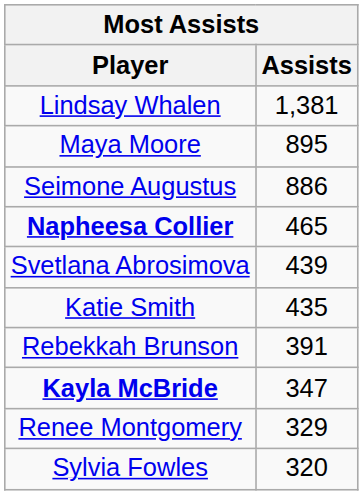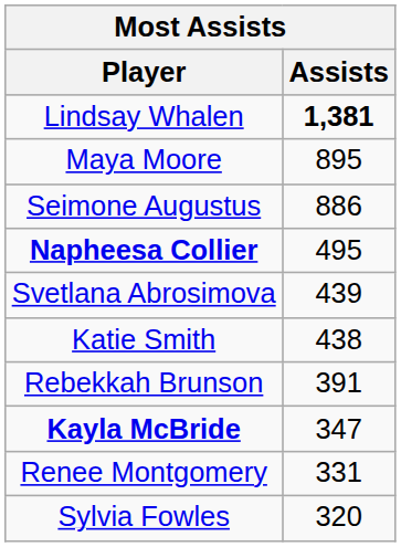 <table class="wikitable sortable" style="text-align:center">
 <tr>
 <th colspan="5">Most Assists</th>
 </tr>
 <tr>
 <th>Player</th>
 <th>Assists</th>
 </tr>
 <tr>
 <td><a href='#'>Lindsay Whalen</a></td>
-<td>1,381</td>
+<td><strong>1,381</strong></td>
 </tr>
 <tr>
 <td><a href='#'>Maya Moore</a></td>
 <td>895</td>
 </tr>
 <tr>
 <td><a href='#'>Seimone Augustus</a></td>
 <td>886</td>
 </tr>
 <tr>
 <td><strong><a href='#'>Napheesa Collier</a></strong></td>
-<td>465</td>
+<td>495</td>
 </tr>
 <tr>
 <td><a href='#'>Svetlana Abrosimova</a></td>
 <td>439</td>
 </tr>
 <tr>
 <td><a href='#'>Katie Smith</a></td>
-<td>435</td>
+<td>438</td>
 </tr>
 <tr>
 <td><a href='#'>Rebekkah Brunson</a></td>
 <td>391</td>
 </tr>
 <tr>
 <td><strong><a href='#'>Kayla McBride</a></strong></td>
 <td>347</td>
 </tr>
 <tr>
 <td><a href='#'>Renee Montgomery</a></td>
-<td>329</td>
+<td>331</td>
 </tr>
 <tr>
 <td><a href='#'>Sylvia Fowles</a></td>
 <td>320</td>
 </tr>
 </table>
